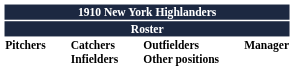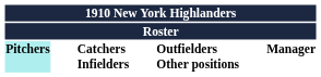 <table class="toccolours" style="font-size: 95%;">
 <tr>
 <th colspan="10" style="background:#1c2841; color:white; text-align:center;">1910 New York Highlanders</th>
 </tr>
 <tr>
 <td colspan="10" style="background:#1c2841; color:white; text-align:center;"><strong>Roster</strong></td>
 </tr>
 <tr>
-<td valign="top"><strong>Pitchers</strong><br>         </td>
+<td valign="top" style="background: paleturquoise;"><strong>Pitchers</strong><br>         </td>
 <td style="width:25px;"></td>
 <td valign="top"><strong>Catchers</strong><br>      <strong>Infielders</strong>       </td>
 <td style="width:25px;"></td>
 <td valign="top"><strong>Outfielders</strong><br>       <strong>Other positions</strong> </td>
 <td style="width:25px;"></td>
 <td valign="top"><strong>Manager</strong><br> </td>
 </tr>
 </table>
